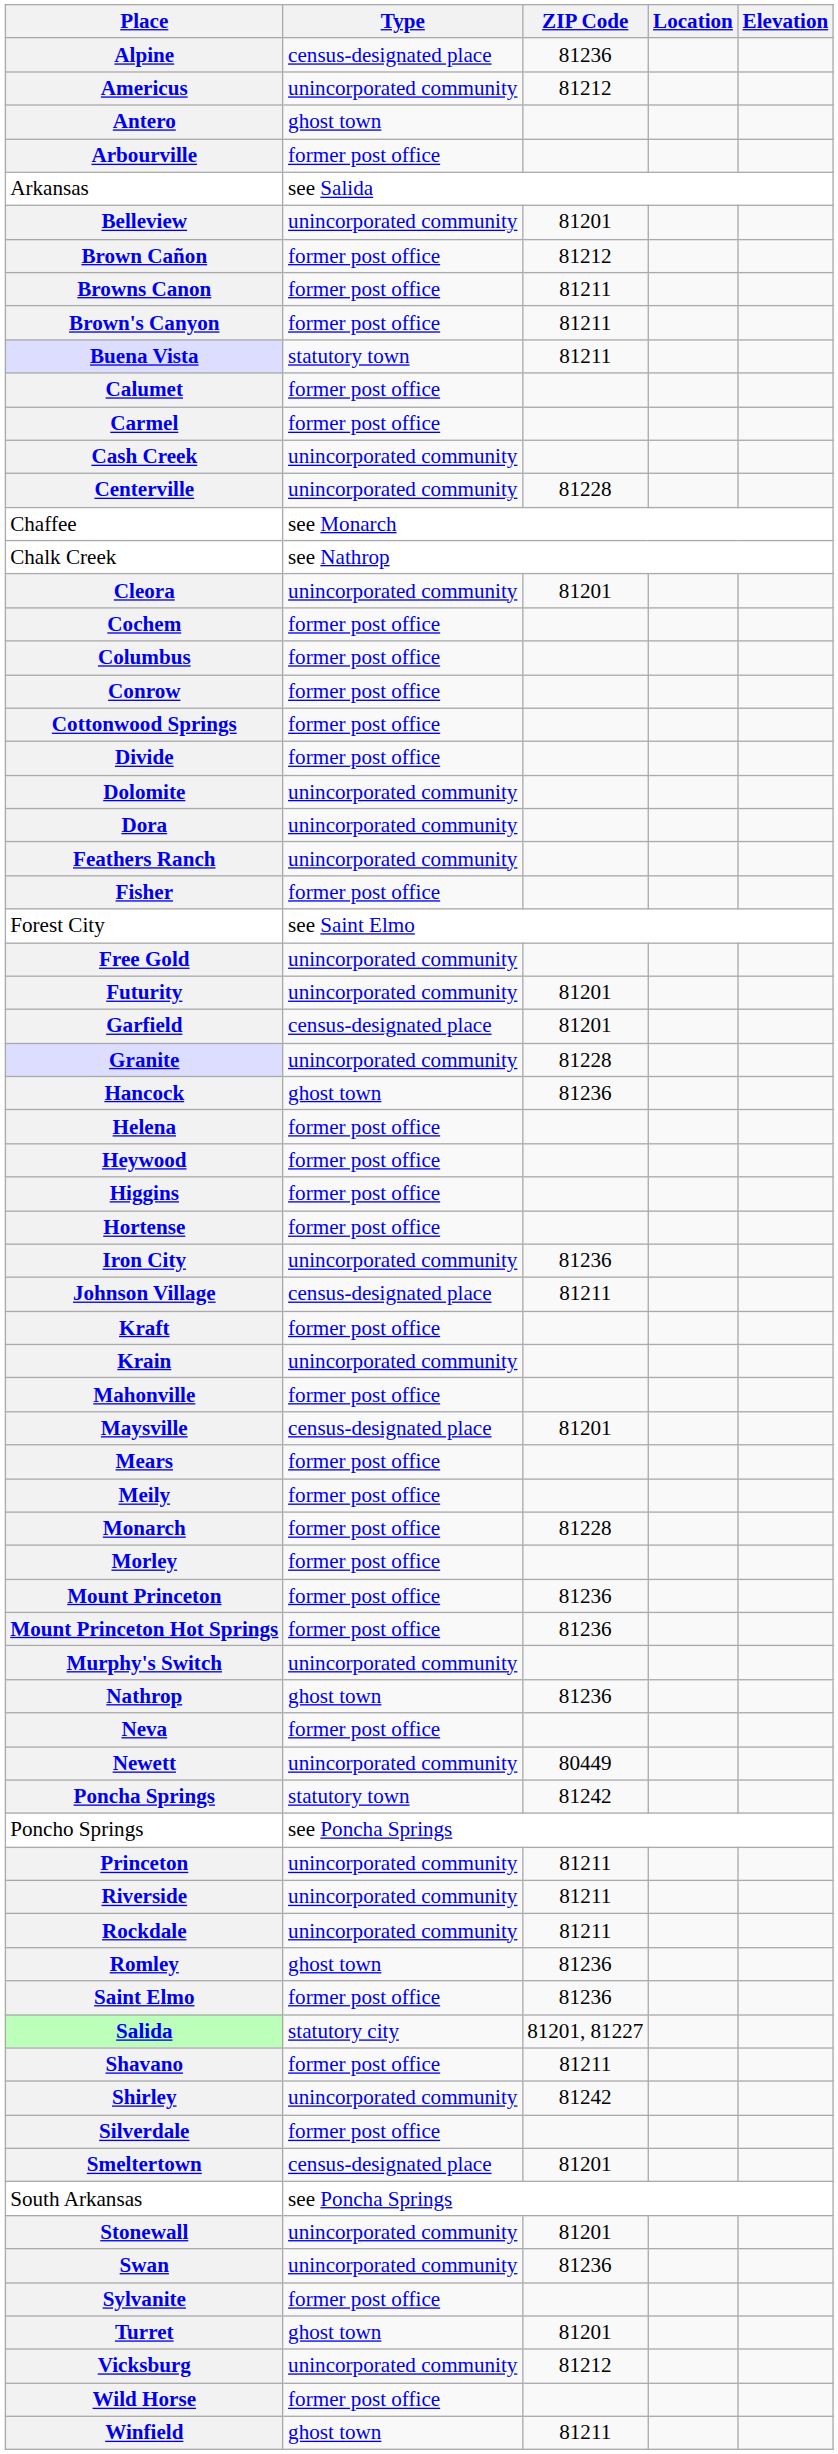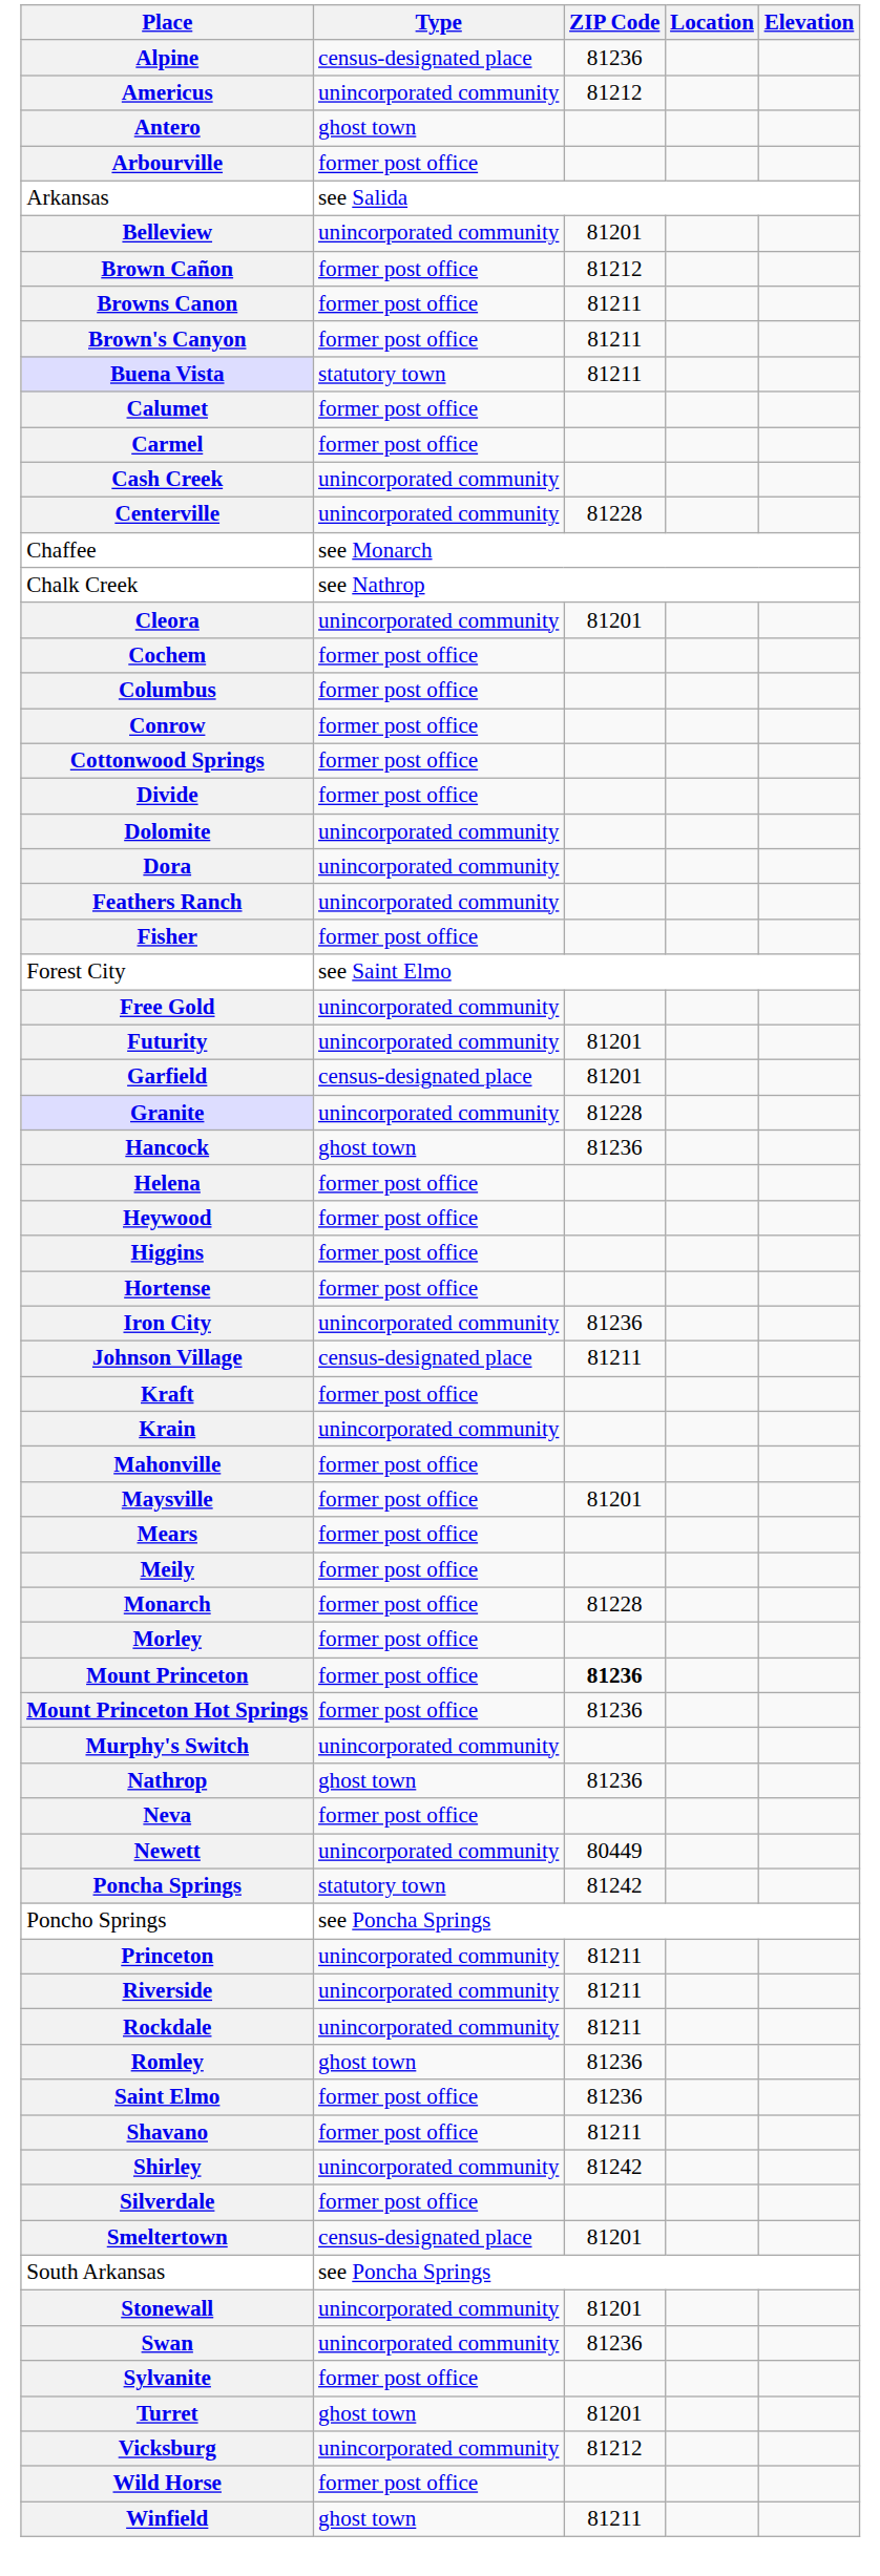 <table class="wikitable sortable  plainrowheaders" style="margin:auto;">
 <tr>
 <th scope=col><a href='#'>Place</a></th>
 <th scope=col><a href='#'>Type</a></th>
 <th scope=col><a href='#'>ZIP Code</a></th>
 <th scope=col><a href='#'>Location</a></th>
 <th scope=col><a href='#'>Elevation</a></th>
 </tr>
 <tr>
 <th scope=row><a href='#'>Alpine</a></th>
 <td><a href='#'>census-designated place</a></td>
 <td align=center>81236</td>
 <td></td>
 <td align=right></td>
 </tr>
 <tr>
 <th scope=row><a href='#'>Americus</a></th>
 <td><a href='#'>unincorporated community</a></td>
 <td align=center>81212</td>
 <td></td>
 <td align=right></td>
 </tr>
 <tr>
 <th scope=row><a href='#'>Antero</a></th>
 <td><a href='#'>ghost town</a></td>
 <td align=center></td>
 <td></td>
 <td></td>
 </tr>
 <tr>
 <th scope=row><a href='#'>Arbourville</a></th>
 <td><a href='#'>former post office</a></td>
 <td align=center></td>
 <td></td>
 <td></td>
 </tr>
 <tr bgcolor=white>
 <td>Arkansas</td>
 <td colspan=4>see <a href='#'>Salida</a></td>
 </tr>
 <tr>
 <th scope=row><a href='#'>Belleview</a></th>
 <td><a href='#'>unincorporated community</a></td>
 <td align=center>81201</td>
 <td></td>
 <td align=right></td>
 </tr>
 <tr>
 <th scope=row><a href='#'>Brown Cañon</a></th>
 <td><a href='#'>former post office</a></td>
 <td align=center>81212</td>
 <td></td>
 <td align=right></td>
 </tr>
 <tr>
 <th scope=row><a href='#'>Browns Canon</a></th>
 <td><a href='#'>former post office</a></td>
 <td align=center>81211</td>
 <td></td>
 <td align=right></td>
 </tr>
 <tr>
 <th scope=row><a href='#'>Brown's Canyon</a></th>
 <td><a href='#'>former post office</a></td>
 <td align=center>81211</td>
 <td></td>
 <td align=right></td>
 </tr>
 <tr>
 <th scope=row style="background:#DDDDFF;"><a href='#'>Buena Vista</a></th>
 <td><a href='#'>statutory town</a></td>
 <td align=center>81211</td>
 <td></td>
 <td align=right></td>
 </tr>
 <tr>
 <th scope=row><a href='#'>Calumet</a></th>
 <td><a href='#'>former post office</a></td>
 <td align=center></td>
 <td></td>
 <td></td>
 </tr>
 <tr>
 <th scope=row><a href='#'>Carmel</a></th>
 <td><a href='#'>former post office</a></td>
 <td align=center></td>
 <td></td>
 <td></td>
 </tr>
 <tr>
 <th scope=row><a href='#'>Cash Creek</a></th>
 <td><a href='#'>unincorporated community</a></td>
 <td align=center></td>
 <td></td>
 <td></td>
 </tr>
 <tr>
 <th scope=row><a href='#'>Centerville</a></th>
 <td><a href='#'>unincorporated community</a></td>
 <td align=center>81228</td>
 <td></td>
 <td align=right></td>
 </tr>
 <tr bgcolor=white>
 <td>Chaffee</td>
 <td colspan=4>see <a href='#'>Monarch</a></td>
 </tr>
 <tr bgcolor=white>
 <td>Chalk Creek</td>
 <td colspan=4>see <a href='#'>Nathrop</a></td>
 </tr>
 <tr>
 <th scope=row><a href='#'>Cleora</a></th>
 <td><a href='#'>unincorporated community</a></td>
 <td align=center>81201</td>
 <td></td>
 <td align=right></td>
 </tr>
 <tr>
 <th scope=row><a href='#'>Cochem</a></th>
 <td><a href='#'>former post office</a></td>
 <td align=center></td>
 <td></td>
 <td></td>
 </tr>
 <tr>
 <th scope=row><a href='#'>Columbus</a></th>
 <td><a href='#'>former post office</a></td>
 <td align=center></td>
 <td></td>
 <td></td>
 </tr>
 <tr>
 <th scope=row><a href='#'>Conrow</a></th>
 <td><a href='#'>former post office</a></td>
 <td align=center></td>
 <td></td>
 <td></td>
 </tr>
 <tr>
 <th scope=row><a href='#'>Cottonwood Springs</a></th>
 <td><a href='#'>former post office</a></td>
 <td align=center></td>
 <td></td>
 <td></td>
 </tr>
 <tr>
 <th scope=row><a href='#'>Divide</a></th>
 <td><a href='#'>former post office</a></td>
 <td align=center></td>
 <td></td>
 <td></td>
 </tr>
 <tr>
 <th scope=row><a href='#'>Dolomite</a></th>
 <td><a href='#'>unincorporated community</a></td>
 <td align=center></td>
 <td></td>
 <td></td>
 </tr>
 <tr>
 <th scope=row><a href='#'>Dora</a></th>
 <td><a href='#'>unincorporated community</a></td>
 <td align=center></td>
 <td></td>
 <td></td>
 </tr>
 <tr>
 <th scope=row><a href='#'>Feathers Ranch</a></th>
 <td><a href='#'>unincorporated community</a></td>
 <td align=center></td>
 <td></td>
 <td></td>
 </tr>
 <tr>
 <th scope=row><a href='#'>Fisher</a></th>
 <td><a href='#'>former post office</a></td>
 <td align=center></td>
 <td></td>
 <td></td>
 </tr>
 <tr bgcolor=white>
 <td>Forest City</td>
 <td colspan=4>see <a href='#'>Saint Elmo</a></td>
 </tr>
 <tr>
 <th scope=row><a href='#'>Free Gold</a></th>
 <td><a href='#'>unincorporated community</a></td>
 <td align=center></td>
 <td></td>
 <td></td>
 </tr>
 <tr>
 <th scope=row><a href='#'>Futurity</a></th>
 <td><a href='#'>unincorporated community</a></td>
 <td align=center>81201</td>
 <td></td>
 <td align=right></td>
 </tr>
 <tr>
 <th scope=row><a href='#'>Garfield</a></th>
 <td><a href='#'>census-designated place</a></td>
 <td align=center>81201</td>
 <td></td>
 <td align=right></td>
 </tr>
 <tr>
 <th scope=row style="background:#DDDDFF;"><a href='#'>Granite</a></th>
 <td><a href='#'>unincorporated community</a></td>
 <td align=center>81228</td>
 <td></td>
 <td align=right></td>
 </tr>
 <tr>
 <th scope=row><a href='#'>Hancock</a></th>
 <td><a href='#'>ghost town</a></td>
 <td align=center>81236</td>
 <td></td>
 <td align=right></td>
 </tr>
 <tr>
 <th scope=row><a href='#'>Helena</a></th>
 <td><a href='#'>former post office</a></td>
 <td align=center></td>
 <td></td>
 <td></td>
 </tr>
 <tr>
 <th scope=row><a href='#'>Heywood</a></th>
 <td><a href='#'>former post office</a></td>
 <td align=center></td>
 <td></td>
 <td></td>
 </tr>
 <tr>
 <th scope=row><a href='#'>Higgins</a></th>
 <td><a href='#'>former post office</a></td>
 <td align=center></td>
 <td></td>
 <td></td>
 </tr>
 <tr>
 <th scope=row><a href='#'>Hortense</a></th>
 <td><a href='#'>former post office</a></td>
 <td align=center></td>
 <td></td>
 <td></td>
 </tr>
 <tr>
 <th scope=row><a href='#'>Iron City</a></th>
 <td><a href='#'>unincorporated community</a></td>
 <td align=center>81236</td>
 <td></td>
 <td align=right></td>
 </tr>
 <tr>
 <th scope=row><a href='#'>Johnson Village</a></th>
 <td><a href='#'>census-designated place</a></td>
 <td align=center>81211</td>
 <td></td>
 <td align=right></td>
 </tr>
 <tr>
 <th scope=row><a href='#'>Kraft</a></th>
 <td><a href='#'>former post office</a></td>
 <td align=center></td>
 <td></td>
 <td></td>
 </tr>
 <tr>
 <th scope=row><a href='#'>Krain</a></th>
 <td><a href='#'>unincorporated community</a></td>
 <td align=center></td>
 <td></td>
 <td></td>
 </tr>
 <tr>
 <th scope=row><a href='#'>Mahonville</a></th>
 <td><a href='#'>former post office</a></td>
 <td align=center></td>
 <td></td>
 <td></td>
 </tr>
 <tr>
 <th scope=row><a href='#'>Maysville</a></th>
-<td><a href='#'>census-designated place</a></td>
+<td><a href='#'>former post office</a></td>
 <td align=center>81201</td>
 <td></td>
 <td align=right></td>
 </tr>
 <tr>
 <th scope=row><a href='#'>Mears</a></th>
 <td><a href='#'>former post office</a></td>
 <td align=center></td>
 <td></td>
 <td></td>
 </tr>
 <tr>
 <th scope=row><a href='#'>Meily</a></th>
 <td><a href='#'>former post office</a></td>
 <td align=center></td>
 <td></td>
 <td></td>
 </tr>
 <tr>
 <th scope=row><a href='#'>Monarch</a></th>
 <td><a href='#'>former post office</a></td>
 <td align=center>81228</td>
 <td></td>
 <td></td>
 </tr>
 <tr>
 <th scope=row><a href='#'>Morley</a></th>
 <td><a href='#'>former post office</a></td>
 <td align=center></td>
 <td></td>
 <td></td>
 </tr>
 <tr>
 <th scope=row><a href='#'>Mount Princeton</a></th>
 <td><a href='#'>former post office</a></td>
-<td align=center>81236</td>
+<td align=center><strong>81236</strong></td>
 <td></td>
 <td></td>
 </tr>
 <tr>
 <th scope=row><a href='#'>Mount Princeton Hot Springs</a></th>
 <td><a href='#'>former post office</a></td>
 <td align=center>81236</td>
 <td></td>
 <td></td>
 </tr>
 <tr>
 <th scope=row><a href='#'>Murphy's Switch</a></th>
 <td><a href='#'>unincorporated community</a></td>
 <td align=center></td>
 <td></td>
 <td></td>
 </tr>
 <tr>
 <th scope=row><a href='#'>Nathrop</a></th>
 <td><a href='#'>ghost town</a></td>
 <td align=center>81236</td>
 <td></td>
 <td align=right></td>
 </tr>
 <tr>
 <th scope=row><a href='#'>Neva</a></th>
 <td><a href='#'>former post office</a></td>
 <td align=center></td>
 <td></td>
 <td></td>
 </tr>
 <tr>
 <th scope=row><a href='#'>Newett</a></th>
 <td><a href='#'>unincorporated community</a></td>
 <td align=center>80449</td>
 <td></td>
 <td align=right></td>
 </tr>
 <tr>
 <th scope=row><a href='#'>Poncha Springs</a></th>
 <td><a href='#'>statutory town</a></td>
 <td align=center>81242</td>
 <td></td>
 <td align=right></td>
 </tr>
 <tr bgcolor=white>
 <td>Poncho Springs</td>
 <td colspan=4>see <a href='#'>Poncha Springs</a></td>
 </tr>
 <tr>
 <th scope=row><a href='#'>Princeton</a></th>
 <td><a href='#'>unincorporated community</a></td>
 <td align=center>81211</td>
 <td></td>
 <td align=right></td>
 </tr>
 <tr>
 <th scope=row><a href='#'>Riverside</a></th>
 <td><a href='#'>unincorporated community</a></td>
 <td align=center>81211</td>
 <td></td>
 <td align=right></td>
 </tr>
 <tr>
 <th scope=row><a href='#'>Rockdale</a></th>
 <td><a href='#'>unincorporated community</a></td>
 <td align=center>81211</td>
 <td></td>
 <td align=right></td>
 </tr>
 <tr>
 <th scope=row><a href='#'>Romley</a></th>
 <td><a href='#'>ghost town</a></td>
 <td align=center>81236</td>
 <td></td>
 <td align=right></td>
 </tr>
 <tr>
 <th scope=row><a href='#'>Saint Elmo</a></th>
 <td><a href='#'>former post office</a></td>
 <td align=center>81236</td>
 <td></td>
 <td align=right></td>
 </tr>
 <tr>
-<th scope=row style="background:#BBFFBB;"><a href='#'>Salida</a></th>
-<td><a href='#'>statutory city</a></td>
-<td align=center>81201, 81227</td>
-<td></td>
-<td align=right></td>
-</tr>
-<tr>
 <th scope=row><a href='#'>Shavano</a></th>
 <td><a href='#'>former post office</a></td>
 <td align=center>81211</td>
 <td></td>
 <td align=right></td>
 </tr>
 <tr>
 <th scope=row><a href='#'>Shirley</a></th>
 <td><a href='#'>unincorporated community</a></td>
 <td align=center>81242</td>
 <td></td>
 <td align=right></td>
 </tr>
 <tr>
 <th scope=row><a href='#'>Silverdale</a></th>
 <td><a href='#'>former post office</a></td>
 <td align=center></td>
 <td></td>
 <td></td>
 </tr>
 <tr>
 <th scope=row><a href='#'>Smeltertown</a></th>
 <td><a href='#'>census-designated place</a></td>
 <td align=center>81201</td>
 <td></td>
 <td align=right></td>
 </tr>
 <tr bgcolor=white>
 <td>South Arkansas</td>
 <td colspan=4>see <a href='#'>Poncha Springs</a></td>
 </tr>
 <tr>
 <th scope=row><a href='#'>Stonewall</a></th>
 <td><a href='#'>unincorporated community</a></td>
 <td align=center>81201</td>
 <td></td>
 <td align=right></td>
 </tr>
 <tr>
 <th scope=row><a href='#'>Swan</a></th>
 <td><a href='#'>unincorporated community</a></td>
 <td align=center>81236</td>
 <td></td>
 <td align=right></td>
 </tr>
 <tr>
 <th scope=row><a href='#'>Sylvanite</a></th>
 <td><a href='#'>former post office</a></td>
 <td align=center></td>
 <td></td>
 <td></td>
 </tr>
 <tr>
 <th scope=row><a href='#'>Turret</a></th>
 <td><a href='#'>ghost town</a></td>
 <td align=center>81201</td>
 <td></td>
 <td align=right></td>
 </tr>
 <tr>
 <th scope=row><a href='#'>Vicksburg</a></th>
 <td><a href='#'>unincorporated community</a></td>
 <td align=center>81212</td>
 <td></td>
 <td align=right></td>
 </tr>
 <tr>
 <th scope=row><a href='#'>Wild Horse</a></th>
 <td><a href='#'>former post office</a></td>
 <td align=center></td>
 <td></td>
 <td></td>
 </tr>
 <tr>
 <th scope=row><a href='#'>Winfield</a></th>
 <td><a href='#'>ghost town</a></td>
 <td align=center>81211</td>
 <td></td>
 <td align=right></td>
 </tr>
 </table>
